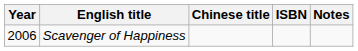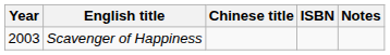 <table class="wikitable sortable plainrowheaders">
 <tr>
 <th>Year</th>
 <th>English title</th>
 <th>Chinese title</th>
 <th>ISBN</th>
 <th>Notes</th>
 </tr>
 <tr>
-<td>2006</td>
+<td>2003</td>
 <td><em>Scavenger of Happiness</em></td>
 <td></td>
 <td></td>
 <td></td>
 </tr>
 </table>
